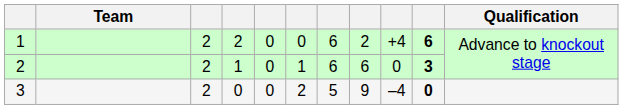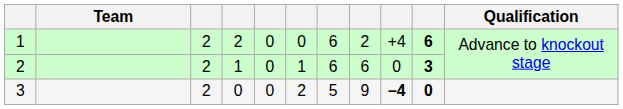 <table class="wikitable" style="text-align: center;">
 <tr>
 <th width="25"></th>
 <th width="150">Team</th>
 <th width="25"></th>
 <th width="25"></th>
 <th width="25"></th>
 <th width="25"></th>
 <th width="25"></th>
 <th width="25"></th>
 <th width="25"></th>
 <th width="25"></th>
 <th width="170">Qualification</th>
 </tr>
 <tr align=center style="background:#ccffcc;">
 <td>1</td>
 <td style="text-align:left;"></td>
 <td>2</td>
 <td>2</td>
 <td>0</td>
 <td>0</td>
 <td>6</td>
 <td>2</td>
 <td>+4</td>
 <td><strong>6</strong></td>
 <td rowspan="2">Advance to <a href='#'>knockout stage</a></td>
 </tr>
 <tr align=center style="background:#ccffcc;">
 <td>2</td>
 <td style="text-align:left;"></td>
 <td>2</td>
 <td>1</td>
 <td>0</td>
 <td>1</td>
 <td>6</td>
 <td>6</td>
 <td>0</td>
 <td><strong>3</strong></td>
 </tr>
 <tr align=center style="background:#f5f5f5;">
 <td>3</td>
 <td style="text-align:left;"></td>
 <td>2</td>
 <td>0</td>
 <td>0</td>
 <td>2</td>
 <td>5</td>
 <td>9</td>
-<td>–4</td>
+<td><strong>–4</strong></td>
 <td><strong>0</strong></td>
 <td></td>
 </tr>
 </table>
